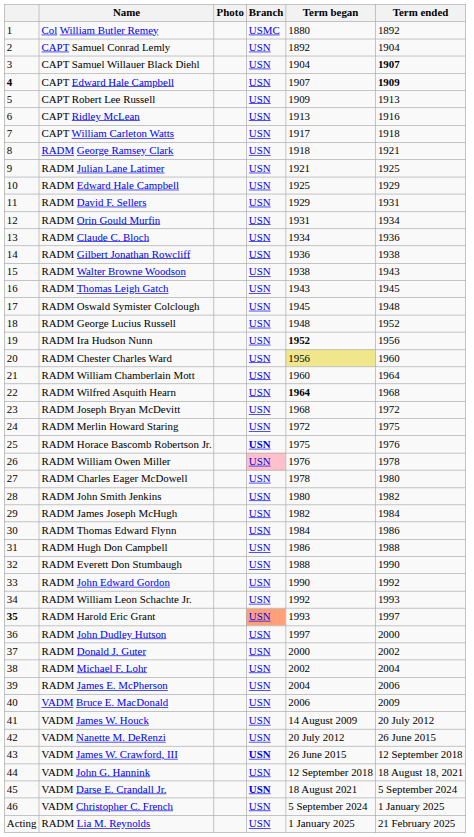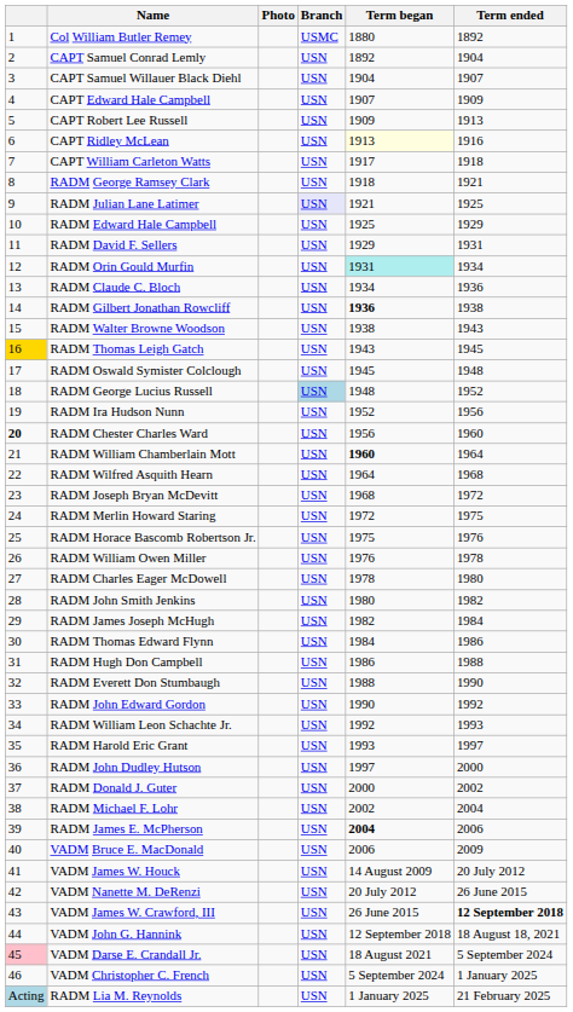 <table class="wikitable">
 <tr>
 <th></th>
 <th>Name</th>
 <th>Photo</th>
 <th>Branch</th>
 <th>Term began</th>
 <th>Term ended</th>
 </tr>
 <tr>
 <td>1</td>
 <td><a href='#'>Col</a> <a href='#'>William Butler Remey</a></td>
 <td></td>
 <td><a href='#'>USMC</a></td>
 <td>1880</td>
 <td>1892</td>
 </tr>
 <tr>
 <td>2</td>
 <td><a href='#'>CAPT</a> Samuel Conrad Lemly</td>
 <td></td>
 <td><a href='#'>USN</a></td>
 <td>1892</td>
 <td>1904</td>
 </tr>
 <tr>
 <td>3</td>
 <td>CAPT Samuel Willauer Black Diehl</td>
 <td></td>
 <td><a href='#'>USN</a></td>
 <td>1904</td>
-<td><strong>1907</strong></td>
+<td>1907</td>
 </tr>
 <tr>
-<td><strong>4</strong></td>
+<td>4</td>
 <td>CAPT <a href='#'>Edward Hale Campbell</a></td>
 <td></td>
 <td><a href='#'>USN</a></td>
 <td>1907</td>
-<td><strong>1909</strong></td>
+<td>1909</td>
 </tr>
 <tr>
 <td>5</td>
 <td>CAPT Robert Lee Russell</td>
 <td></td>
 <td><a href='#'>USN</a></td>
 <td>1909</td>
 <td>1913</td>
 </tr>
 <tr>
 <td>6</td>
 <td>CAPT <a href='#'>Ridley McLean</a></td>
 <td></td>
 <td><a href='#'>USN</a></td>
-<td>1913</td>
+<td style="background: lightyellow;">1913</td>
 <td>1916</td>
 </tr>
 <tr>
 <td>7</td>
 <td>CAPT <a href='#'>William Carleton Watts</a></td>
 <td></td>
 <td><a href='#'>USN</a></td>
 <td>1917</td>
 <td>1918</td>
 </tr>
 <tr>
 <td>8</td>
 <td><a href='#'>RADM</a> <a href='#'>George Ramsey Clark</a></td>
 <td></td>
 <td><a href='#'>USN</a></td>
 <td>1918</td>
 <td>1921</td>
 </tr>
 <tr>
 <td>9</td>
 <td>RADM <a href='#'>Julian Lane Latimer</a></td>
 <td></td>
-<td><a href='#'>USN</a></td>
+<td style="background: lavender;"><a href='#'>USN</a></td>
 <td>1921</td>
 <td>1925</td>
 </tr>
 <tr>
 <td>10</td>
 <td>RADM <a href='#'>Edward Hale Campbell</a></td>
 <td></td>
 <td><a href='#'>USN</a></td>
 <td>1925</td>
 <td>1929</td>
 </tr>
 <tr>
 <td>11</td>
 <td>RADM <a href='#'>David F. Sellers</a></td>
 <td></td>
 <td><a href='#'>USN</a></td>
 <td>1929</td>
 <td>1931</td>
 </tr>
 <tr>
 <td>12</td>
 <td>RADM <a href='#'>Orin Gould Murfin</a></td>
 <td></td>
 <td><a href='#'>USN</a></td>
-<td>1931</td>
+<td style="background: paleturquoise;">1931</td>
 <td>1934</td>
 </tr>
 <tr>
 <td>13</td>
 <td>RADM <a href='#'>Claude C. Bloch</a></td>
 <td></td>
 <td><a href='#'>USN</a></td>
 <td>1934</td>
 <td>1936</td>
 </tr>
 <tr>
 <td>14</td>
 <td>RADM <a href='#'>Gilbert Jonathan Rowcliff</a></td>
 <td></td>
 <td><a href='#'>USN</a></td>
-<td>1936</td>
+<td><strong>1936</strong></td>
 <td>1938</td>
 </tr>
 <tr>
 <td>15</td>
 <td>RADM <a href='#'>Walter Browne Woodson</a></td>
 <td></td>
 <td><a href='#'>USN</a></td>
 <td>1938</td>
 <td>1943</td>
 </tr>
 <tr>
-<td>16</td>
+<td style="background: gold;">16</td>
 <td>RADM <a href='#'>Thomas Leigh Gatch</a></td>
 <td></td>
 <td><a href='#'>USN</a></td>
 <td>1943</td>
 <td>1945</td>
 </tr>
 <tr>
 <td>17</td>
 <td>RADM Oswald Symister Colclough</td>
 <td></td>
 <td><a href='#'>USN</a></td>
 <td>1945</td>
 <td>1948</td>
 </tr>
 <tr>
 <td>18</td>
 <td>RADM George Lucius Russell</td>
 <td></td>
-<td><a href='#'>USN</a></td>
+<td style="background: lightblue;"><a href='#'>USN</a></td>
 <td>1948</td>
 <td>1952</td>
 </tr>
 <tr>
 <td>19</td>
 <td>RADM Ira Hudson Nunn</td>
 <td></td>
 <td><a href='#'>USN</a></td>
-<td><strong>1952</strong></td>
+<td>1952</td>
 <td>1956</td>
 </tr>
 <tr>
-<td>20</td>
+<td><strong>20</strong></td>
 <td>RADM Chester Charles Ward</td>
 <td></td>
 <td><a href='#'>USN</a></td>
-<td style="background: khaki;">1956</td>
+<td>1956</td>
 <td>1960</td>
 </tr>
 <tr>
 <td>21</td>
 <td>RADM William Chamberlain Mott</td>
 <td></td>
 <td><a href='#'>USN</a></td>
-<td>1960</td>
+<td><strong>1960</strong></td>
 <td>1964</td>
 </tr>
 <tr>
 <td>22</td>
 <td>RADM Wilfred Asquith Hearn</td>
 <td></td>
 <td><a href='#'>USN</a></td>
-<td><strong>1964</strong></td>
+<td>1964</td>
 <td>1968</td>
 </tr>
 <tr>
 <td>23</td>
 <td>RADM Joseph Bryan McDevitt</td>
 <td></td>
 <td><a href='#'>USN</a></td>
 <td>1968</td>
 <td>1972</td>
 </tr>
 <tr>
 <td>24</td>
 <td>RADM Merlin Howard Staring</td>
 <td></td>
 <td><a href='#'>USN</a></td>
 <td>1972</td>
 <td>1975</td>
 </tr>
 <tr>
 <td>25</td>
 <td>RADM Horace Bascomb Robertson Jr.</td>
 <td></td>
-<td><strong><a href='#'>USN</a></strong></td>
+<td><a href='#'>USN</a></td>
 <td>1975</td>
 <td>1976</td>
 </tr>
 <tr>
 <td>26</td>
 <td>RADM William Owen Miller</td>
 <td></td>
-<td style="background: pink;"><a href='#'>USN</a></td>
+<td><a href='#'>USN</a></td>
 <td>1976</td>
 <td>1978</td>
 </tr>
 <tr>
 <td>27</td>
 <td>RADM Charles Eager McDowell</td>
 <td></td>
 <td><a href='#'>USN</a></td>
 <td>1978</td>
 <td>1980</td>
 </tr>
 <tr>
 <td>28</td>
 <td>RADM John Smith Jenkins</td>
 <td></td>
 <td><a href='#'>USN</a></td>
 <td>1980</td>
 <td>1982</td>
 </tr>
 <tr>
 <td>29</td>
 <td>RADM James Joseph McHugh</td>
 <td></td>
 <td><a href='#'>USN</a></td>
 <td>1982</td>
 <td>1984</td>
 </tr>
 <tr>
 <td>30</td>
 <td>RADM Thomas Edward Flynn</td>
 <td></td>
 <td><a href='#'>USN</a></td>
 <td>1984</td>
 <td>1986</td>
 </tr>
 <tr>
 <td>31</td>
 <td>RADM Hugh Don Campbell</td>
 <td></td>
 <td><a href='#'>USN</a></td>
 <td>1986</td>
 <td>1988</td>
 </tr>
 <tr>
 <td>32</td>
 <td>RADM Everett Don Stumbaugh</td>
 <td></td>
 <td><a href='#'>USN</a></td>
 <td>1988</td>
 <td>1990</td>
 </tr>
 <tr>
 <td>33</td>
 <td>RADM <a href='#'>John Edward Gordon</a></td>
 <td></td>
 <td><a href='#'>USN</a></td>
 <td>1990</td>
 <td>1992</td>
 </tr>
 <tr>
 <td>34</td>
 <td>RADM William Leon Schachte Jr.</td>
 <td></td>
 <td><a href='#'>USN</a></td>
 <td>1992</td>
 <td>1993</td>
 </tr>
 <tr>
-<td><strong>35</strong></td>
+<td>35</td>
 <td>RADM Harold Eric Grant</td>
 <td></td>
-<td style="background: lightsalmon;"><a href='#'>USN</a></td>
+<td><a href='#'>USN</a></td>
 <td>1993</td>
 <td>1997</td>
 </tr>
 <tr>
 <td>36</td>
 <td>RADM <a href='#'>John Dudley Hutson</a></td>
 <td></td>
 <td><a href='#'>USN</a></td>
 <td>1997</td>
 <td>2000</td>
 </tr>
 <tr>
 <td>37</td>
 <td>RADM <a href='#'>Donald J. Guter</a></td>
 <td></td>
 <td><a href='#'>USN</a></td>
 <td>2000</td>
 <td>2002</td>
 </tr>
 <tr>
 <td>38</td>
 <td>RADM <a href='#'>Michael F. Lohr</a></td>
 <td></td>
 <td><a href='#'>USN</a></td>
 <td>2002</td>
 <td>2004</td>
 </tr>
 <tr>
 <td>39</td>
 <td>RADM <a href='#'>James E. McPherson</a></td>
 <td></td>
 <td><a href='#'>USN</a></td>
-<td>2004</td>
+<td><strong>2004</strong></td>
 <td>2006</td>
 </tr>
 <tr>
 <td>40</td>
 <td><a href='#'>VADM</a> <a href='#'>Bruce E. MacDonald</a></td>
 <td></td>
 <td><a href='#'>USN</a></td>
 <td>2006</td>
 <td>2009</td>
 </tr>
 <tr>
 <td>41</td>
 <td>VADM <a href='#'>James W. Houck</a></td>
 <td></td>
 <td><a href='#'>USN</a></td>
 <td>14 August 2009</td>
 <td>20 July 2012</td>
 </tr>
 <tr>
 <td>42</td>
 <td>VADM <a href='#'>Nanette M. DeRenzi</a></td>
 <td></td>
 <td><a href='#'>USN</a></td>
 <td>20 July 2012</td>
 <td>26 June 2015</td>
 </tr>
 <tr>
 <td>43</td>
 <td>VADM <a href='#'>James W. Crawford, III</a></td>
 <td></td>
-<td><strong><a href='#'>USN</a></strong></td>
+<td><a href='#'>USN</a></td>
 <td>26 June 2015</td>
-<td>12 September 2018</td>
+<td><strong>12 September 2018</strong></td>
 </tr>
 <tr>
 <td>44</td>
 <td>VADM <a href='#'>John G. Hannink</a></td>
 <td></td>
 <td><a href='#'>USN</a></td>
 <td>12 September 2018</td>
 <td>18 August 18, 2021</td>
 </tr>
 <tr>
-<td>45</td>
+<td style="background: pink;">45</td>
 <td>VADM <a href='#'>Darse E. Crandall Jr.</a></td>
 <td></td>
-<td><strong><a href='#'>USN</a></strong></td>
+<td><a href='#'>USN</a></td>
 <td>18 August 2021</td>
 <td>5 September 2024</td>
 </tr>
 <tr>
 <td>46</td>
 <td>VADM <a href='#'>Christopher C. French</a></td>
 <td></td>
 <td><a href='#'>USN</a></td>
 <td>5 September 2024</td>
 <td>1 January 2025</td>
 </tr>
 <tr>
-<td>Acting</td>
+<td style="background: lightblue;">Acting</td>
 <td>RADM <a href='#'>Lia M. Reynolds</a></td>
 <td></td>
 <td><a href='#'>USN</a></td>
 <td>1 January 2025</td>
 <td>21 February 2025</td>
 </tr>
 </table>
